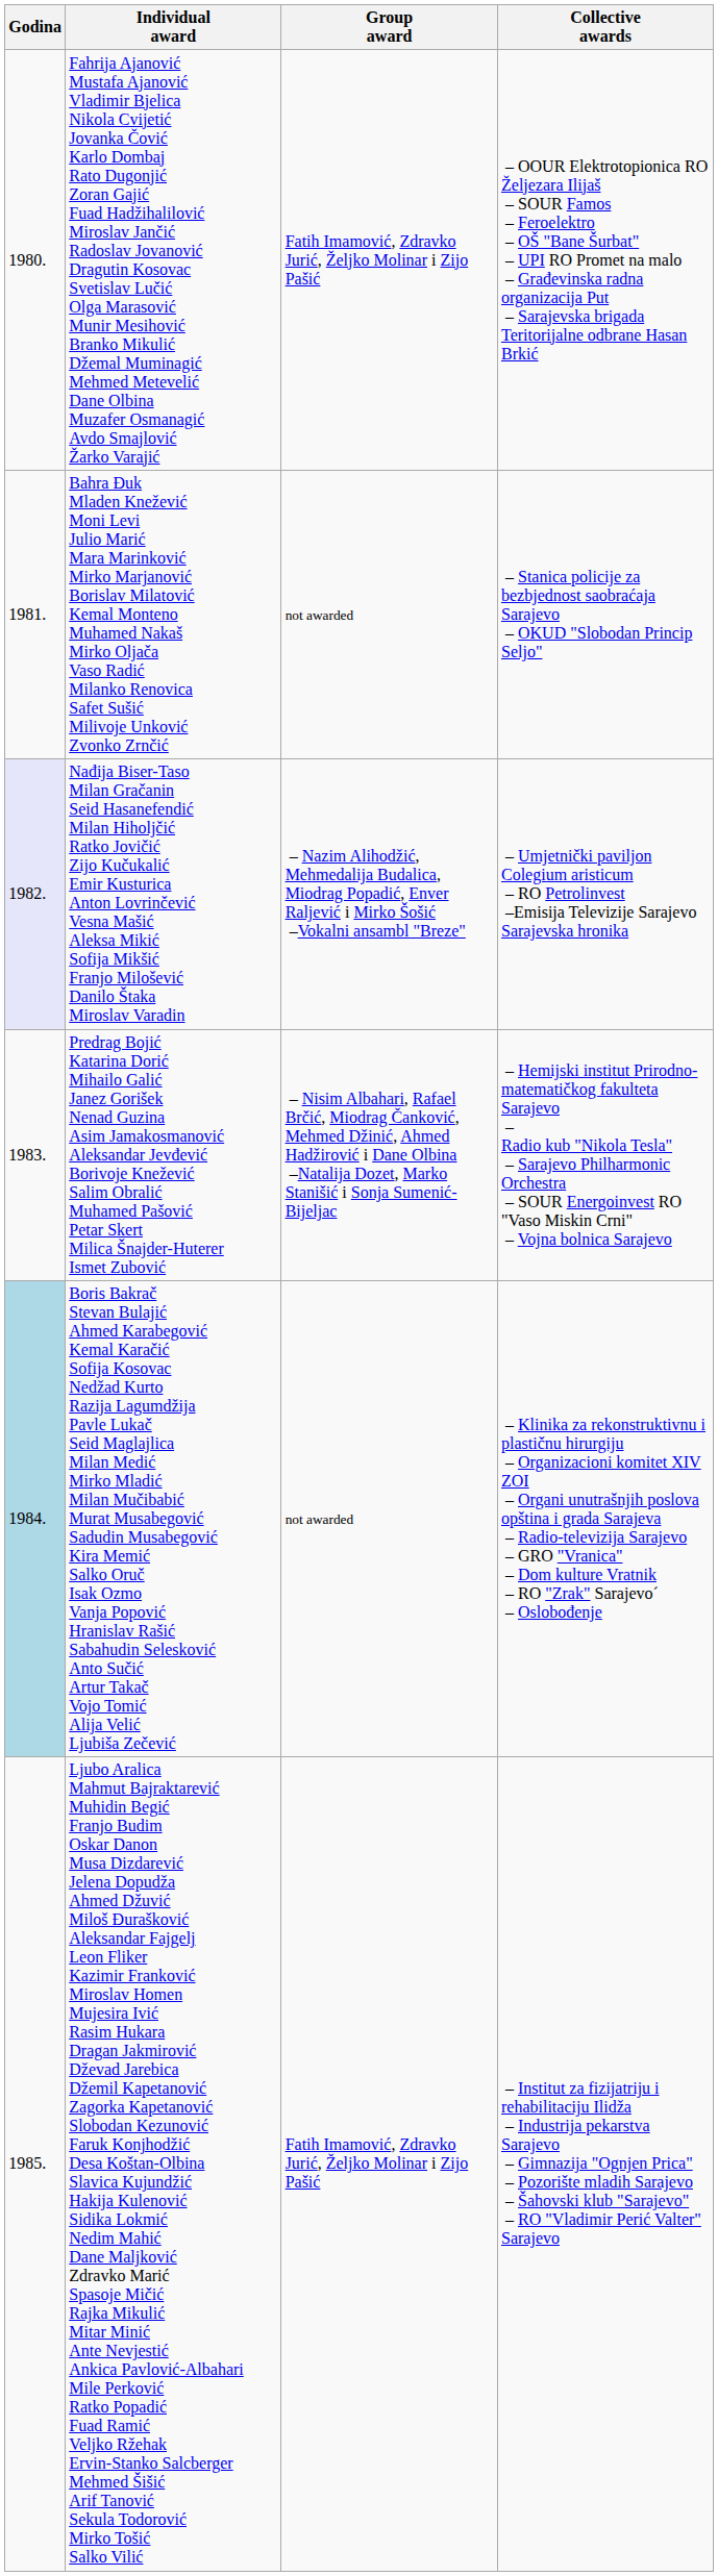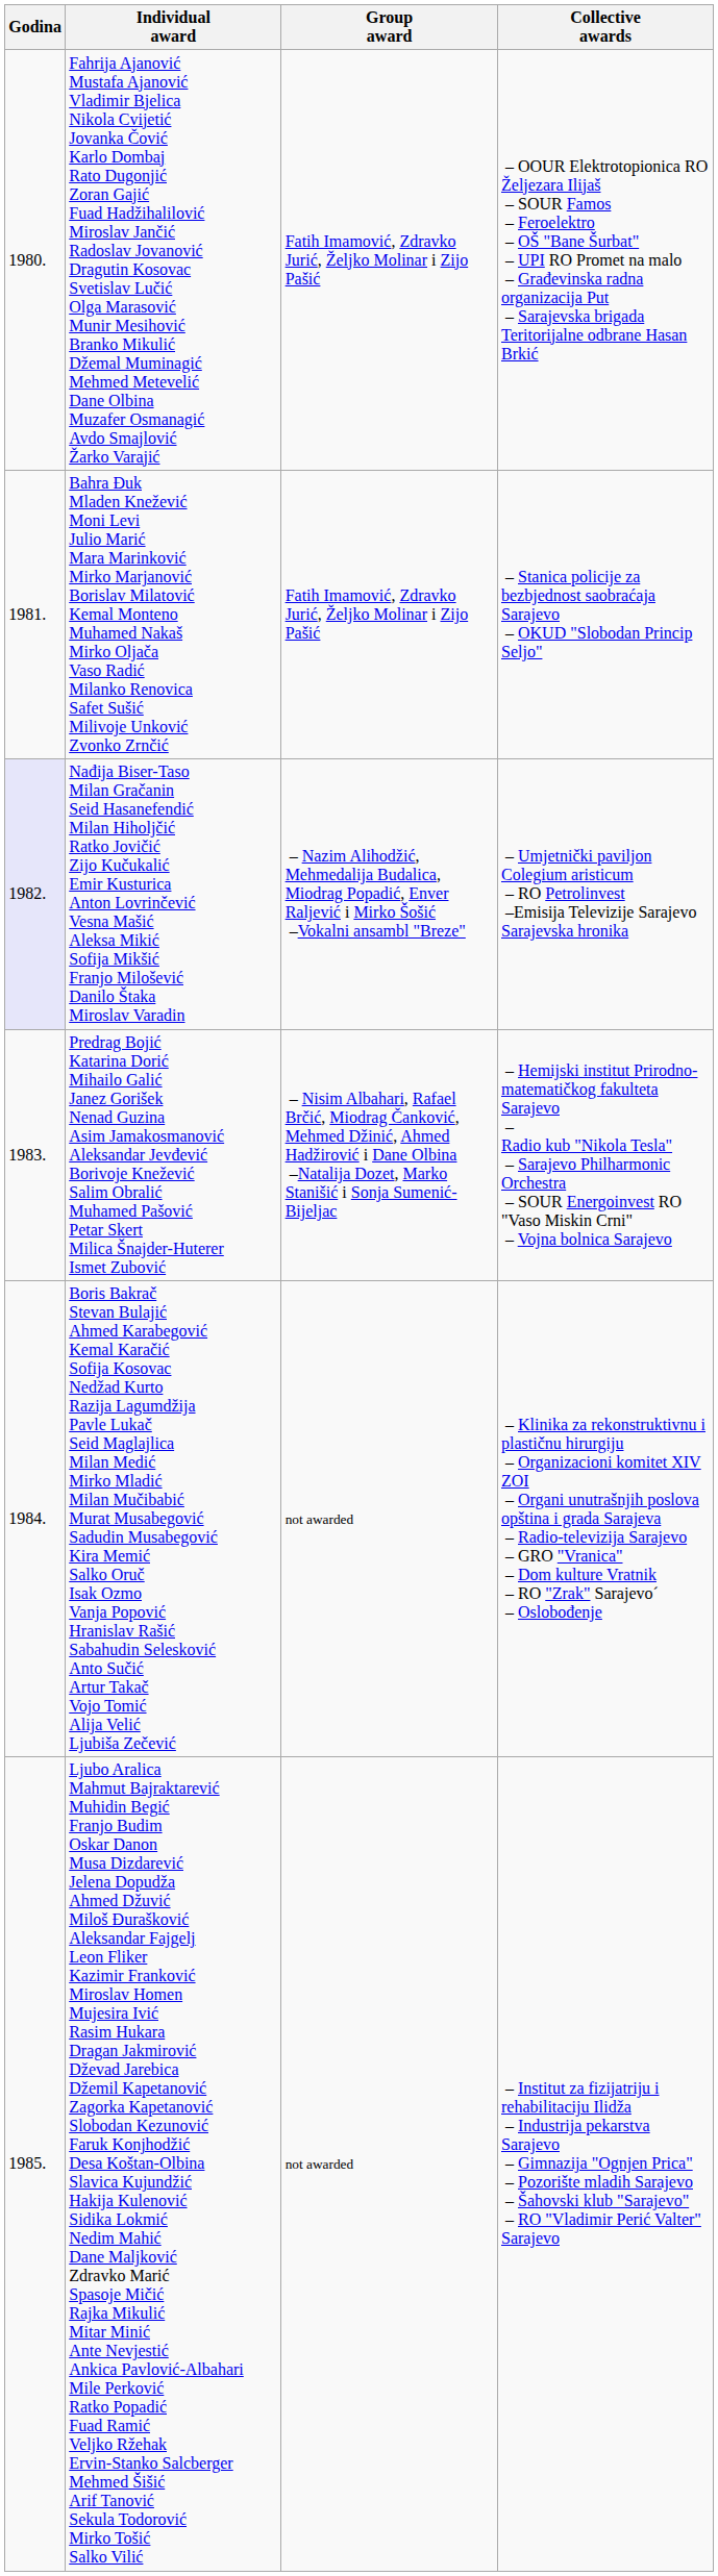 <table class="wikitable">
 <tr>
 <th width="50">Godina</th>
 <th width="200">Individual<br>award</th>
 <th width="200">Group<br>award</th>
 <th width="200">Collective<br>awards</th>
 </tr>
 <tr>
 <td>1980.</td>
 <td><a href='#'>Fahrija Ajanović</a><br><a href='#'>Mustafa Ajanović</a><br><a href='#'>Vladimir Bjelica</a><br><a href='#'>Nikola Cvijetić</a><br><a href='#'>Jovanka Čović</a><br><a href='#'>Karlo Dombaj</a><br><a href='#'>Rato Dugonjić</a><br><a href='#'>Zoran Gajić</a><br><a href='#'>Fuad Hadžihalilović</a><br><a href='#'>Miroslav Jančić</a><br><a href='#'>Radoslav Jovanović</a><br><a href='#'>Dragutin Kosovac</a><br><a href='#'>Svetislav Lučić</a><br><a href='#'>Olga Marasović</a><br><a href='#'>Munir Mesihović</a><br><a href='#'>Branko Mikulić</a><br><a href='#'>Džemal Muminagić</a><br><a href='#'>Mehmed Metevelić</a><br><a href='#'>Dane Olbina</a><br><a href='#'>Muzafer Osmanagić</a><br><a href='#'>Avdo Smajlović</a><br><a href='#'>Žarko Varajić</a></td>
 <td><a href='#'>Fatih Imamović</a>, <a href='#'>Zdravko Jurić</a>, <a href='#'>Željko Molinar</a> i <a href='#'>Zijo Pašić</a></td>
 <td> – OOUR Elektrotopionica RO <a href='#'>Željezara Ilijaš</a><br> – SOUR <a href='#'>Famos</a><br>  – <a href='#'>Feroelektro</a><br> – <a href='#'>OŠ "Bane Šurbat"</a><br> – <a href='#'>UPI</a> RO Promet na malo<br> – <a href='#'>Građevinska radna organizacija Put</a><br> – <a href='#'>Sarajevska brigada Teritorijalne odbrane Hasan Brkić</a></td>
 </tr>
 <tr>
 <td>1981.</td>
 <td><a href='#'>Bahra Đuk</a><br><a href='#'>Mladen Knežević</a><br><a href='#'>Moni Levi</a><br><a href='#'>Julio Marić</a><br><a href='#'>Mara Marinković</a><br><a href='#'>Mirko Marjanović</a><br><a href='#'>Borislav Milatović</a><br><a href='#'>Kemal Monteno</a><br><a href='#'>Muhamed Nakaš</a><br><a href='#'>Mirko Oljača</a><br><a href='#'>Vaso Radić</a><br><a href='#'>Milanko Renovica</a><br><a href='#'>Safet Sušić</a><br><a href='#'>Milivoje Unković</a><br><a href='#'>Zvonko Zrnčić</a></td>
-<td><small> not awarded </small></td>
+<td><a href='#'>Fatih Imamović</a>, <a href='#'>Zdravko Jurić</a>, <a href='#'>Željko Molinar</a> i <a href='#'>Zijo Pašić</a></td>
 <td> – <a href='#'>Stanica policije za bezbjednost saobraćaja Sarajevo</a><br> – <a href='#'>OKUD "Slobodan Princip Seljo"</a></td>
 </tr>
 <tr>
 <td style="background: lavender;">1982.</td>
 <td><a href='#'>Nađija Biser-Taso</a><br><a href='#'>Milan Gračanin</a><br><a href='#'>Seid Hasanefendić</a><br><a href='#'>Milan Hiholjčić</a><br><a href='#'>Ratko Jovičić</a><br><a href='#'>Zijo Kučukalić</a><br><a href='#'>Emir Kusturica</a><br><a href='#'>Anton Lovrinčević</a><br><a href='#'>Vesna Mašić</a><br><a href='#'>Aleksa Mikić</a><br><a href='#'>Sofija Mikšić</a><br><a href='#'>Franjo Milošević</a><br><a href='#'>Danilo Štaka</a><br><a href='#'>Miroslav Varadin</a></td>
 <td> – <a href='#'>Nazim Alihodžić</a>, <a href='#'>Mehmedalija Budalica</a>, <a href='#'>Miodrag Popadić</a>, <a href='#'>Enver Raljević</a> i <a href='#'>Mirko Šošić</a> <br>  –<a href='#'>Vokalni ansambl "Breze"</a></td>
 <td> – <a href='#'>Umjetnički paviljon Colegium aristicum</a><br> – RO <a href='#'>Petrolinvest</a><br> –Emisija Televizije Sarajevo <a href='#'>Sarajevska hronika</a></td>
 </tr>
 <tr>
 <td>1983.</td>
 <td><a href='#'>Predrag Bojić</a><br><a href='#'>Katarina Dorić</a><br><a href='#'>Mihailo Galić</a><br><a href='#'>Janez Gorišek</a><br><a href='#'>Nenad Guzina</a><br><a href='#'>Asim Jamakosmanović</a><br><a href='#'>Aleksandar Jevđević</a><br><a href='#'>Borivoje Knežević</a><br><a href='#'>Salim Obralić</a><br><a href='#'>Muhamed Pašović</a><br><a href='#'>Petar Skert</a><br><a href='#'>Milica Šnajder-Huterer</a><br><a href='#'>Ismet Zubović</a></td>
 <td> – <a href='#'>Nisim Albahari</a>, <a href='#'>Rafael Brčić</a>, <a href='#'>Miodrag Čanković</a>, <a href='#'>Mehmed Džinić</a>, <a href='#'>Ahmed Hadžirović</a> i <a href='#'>Dane Olbina</a><br> –<a href='#'>Natalija Dozet</a>, <a href='#'>Marko Stanišić</a> i <a href='#'>Sonja Sumenić-Bijeljac</a></td>
 <td> – <a href='#'>Hemijski institut Prirodno-matematičkog fakulteta Sarajevo</a> <br> –<br><a href='#'>Radio kub "Nikola Tesla"</a><br> – <a href='#'>Sarajevo Philharmonic Orchestra</a><br> – SOUR <a href='#'>Energoinvest</a> RO "Vaso Miskin Crni"<br> – <a href='#'>Vojna bolnica Sarajevo</a></td>
 </tr>
 <tr>
-<td style="background: lightblue;">1984.</td>
+<td>1984.</td>
 <td><a href='#'>Boris Bakrač</a><br><a href='#'>Stevan Bulajić</a><br><a href='#'>Ahmed Karabegović</a><br><a href='#'>Kemal Karačić</a><br><a href='#'>Sofija Kosovac</a><br><a href='#'>Nedžad Kurto</a><br><a href='#'>Razija Lagumdžija</a><br><a href='#'>Pavle Lukač</a><br><a href='#'>Seid Maglajlica</a><br><a href='#'>Milan Medić</a><br><a href='#'>Mirko Mladić</a><br> <a href='#'>Milan Mučibabić</a><br><a href='#'>Murat Musabegović</a><br><a href='#'>Sadudin Musabegović</a><br><a href='#'>Kira Memić</a><br><a href='#'>Salko Oruč</a> <br><a href='#'>Isak Ozmo</a> <br><a href='#'>Vanja Popović</a><br><a href='#'>Hranislav Rašić</a><br><a href='#'>Sabahudin Selesković</a><br><a href='#'>Anto Sučić</a><br><a href='#'>Artur Takač</a> <br><a href='#'>Vojo Tomić</a><br><a href='#'>Alija Velić</a><br><a href='#'>Ljubiša Zečević</a></td>
 <td><small> not awarded </small></td>
 <td> – <a href='#'>Klinika za rekonstruktivnu i plastičnu hirurgiju</a> <br> – <a href='#'>Organizacioni komitet XIV ZOI</a><br> – <a href='#'>Organi unutrašnjih poslova opština i grada Sarajeva</a><br> – <a href='#'>Radio-televizija Sarajevo</a><br> – GRO <a href='#'>"Vranica"</a><br> – <a href='#'>Dom kulture Vratnik</a><br> – RO <a href='#'>"Zrak"</a> Sarajevo´<br> – <a href='#'>Oslobođenje</a></td>
 </tr>
 <tr>
 <td>1985.</td>
 <td><a href='#'>Ljubo Aralica</a><br><a href='#'>Mahmut Bajraktarević</a><br><a href='#'>Muhidin Begić</a><br><a href='#'>Franjo Budim</a><br><a href='#'>Oskar Danon</a><br><a href='#'>Musa Dizdarević</a><br><a href='#'>Jelena Dopudža</a><br><a href='#'>Ahmed Džuvić</a><br><a href='#'>Miloš Đurašković</a><br><a href='#'>Aleksandar Fajgelj</a><br><a href='#'>Leon Fliker</a><br><a href='#'>Kazimir Franković</a><br><a href='#'>Miroslav Homen</a><br><a href='#'>Mujesira Ivić</a><br><a href='#'>Rasim Hukara</a><br><a href='#'>Dragan Jakmirović</a><br><a href='#'>Dževad Jarebica</a><br><a href='#'>Džemil Kapetanović</a><br><a href='#'>Zagorka Kapetanović</a><br><a href='#'>Slobodan Kezunović</a><br><a href='#'>Faruk Konjhodžić</a><br><a href='#'>Desa Koštan-Olbina</a><br><a href='#'>Slavica Kujundžić</a><br><a href='#'>Hakija Kulenović</a><br><a href='#'>Sidika Lokmić</a><br><a href='#'>Nedim Mahić</a><br><a href='#'>Dane Maljković</a><br>Zdravko Marić<br><a href='#'>Spasoje Mičić</a><br><a href='#'>Rajka Mikulić</a><br><a href='#'>Mitar Minić</a><br><a href='#'>Ante Nevjestić</a><br><a href='#'>Ankica Pavlović-Albahari</a><br><a href='#'>Mile Perković</a><br><a href='#'>Ratko Popadić</a><br><a href='#'>Fuad Ramić</a><br><a href='#'>Veljko Ržehak</a><br><a href='#'>Ervin-Stanko Salcberger</a><br><a href='#'>Mehmed Šišić</a><br><a href='#'>Arif Tanović</a><br><a href='#'>Sekula Todorović</a><br><a href='#'>Mirko Tošić</a><br><a href='#'>Salko Vilić</a></td>
-<td><a href='#'>Fatih Imamović</a>, <a href='#'>Zdravko Jurić</a>, <a href='#'>Željko Molinar</a> i <a href='#'>Zijo Pašić</a></td>
+<td><small> not awarded </small></td>
 <td> – <a href='#'>Institut za fizijatriju i rehabilitaciju Ilidža</a><br> – <a href='#'>Industrija pekarstva Sarajevo</a><br> – <a href='#'>Gimnazija "Ognjen Prica"</a><br> – <a href='#'>Pozorište mladih Sarajevo</a><br> – <a href='#'>Šahovski klub "Sarajevo"</a><br> – <a href='#'>RO "Vladimir Perić Valter" Sarajevo</a></td>
 </tr>
 </table>
